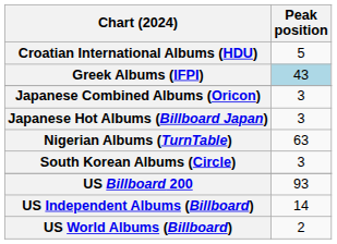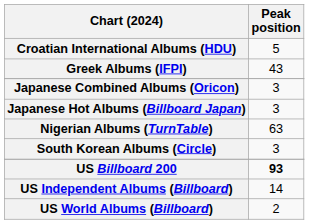 <table class="wikitable plainrowheaders sortable" style="text-align:center">
 <tr>
 <th scope="col">Chart (2024)</th>
 <th scope="col">Peak<br>position</th>
 </tr>
 <tr>
 <th scope="row">Croatian International Albums (<a href='#'>HDU</a>)</th>
 <td>5</td>
 </tr>
 <tr>
 <th scope="row">Greek Albums (<a href='#'>IFPI</a>)</th>
-<td style="background: lightblue;">43</td>
+<td>43</td>
 </tr>
 <tr>
 </tr>
 <tr>
 <th scope="row">Japanese Combined Albums (<a href='#'>Oricon</a>)</th>
 <td>3</td>
 </tr>
 <tr>
 <th scope="row">Japanese Hot Albums (<em><a href='#'>Billboard Japan</a></em>)</th>
 <td>3</td>
 </tr>
 <tr>
 <th scope="row">Nigerian Albums (<a href='#'><em>TurnTable</em></a>)</th>
 <td>63</td>
 </tr>
 <tr>
 <th scope="row">South Korean Albums (<a href='#'>Circle</a>)</th>
 <td>3</td>
 </tr>
 <tr>
 </tr>
 <tr>
 <th scope="row">US <a href='#'><em>Billboard</em> 200</a></th>
-<td>93</td>
+<td><strong>93</strong></td>
 </tr>
 <tr>
 <th scope="row">US <a href='#'>Independent Albums</a> (<em><a href='#'>Billboard</a></em>)</th>
 <td>14</td>
 </tr>
 <tr>
 <th scope="row">US <a href='#'>World Albums</a> (<em><a href='#'>Billboard</a></em>)</th>
 <td>2</td>
 </tr>
 </table>
